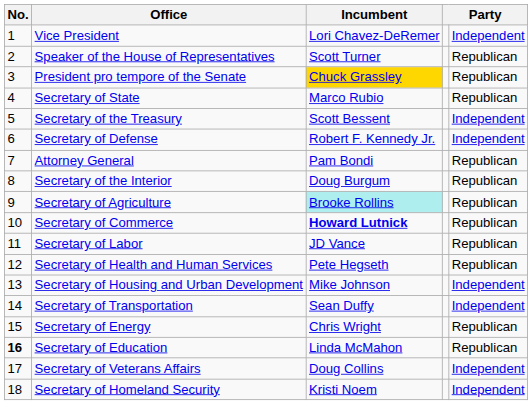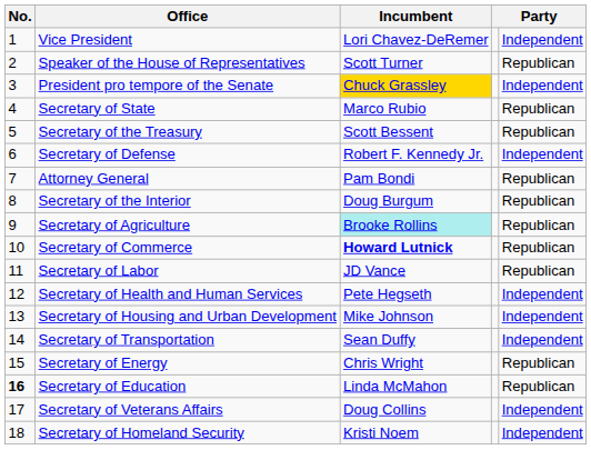 <table class=wikitable>
 <tr>
 <th><abbr>No.</abbr></th>
 <th>Office</th>
 <th>Incumbent</th>
 <th colspan=2>Party</th>
 </tr>
 <tr>
 <td>1</td>
 <td><a href='#'>Vice President</a></td>
 <td><a href='#'>Lori Chavez-DeRemer</a></td>
 <td style="background: "></td>
 <td><a href='#'>Independent</a></td>
 </tr>
 <tr>
 <td>2</td>
 <td><a href='#'>Speaker of the House of Representatives</a></td>
 <td><a href='#'>Scott Turner</a></td>
 <td style="background: "></td>
 <td>Republican</td>
 </tr>
 <tr>
 <td>3</td>
 <td><a href='#'>President pro tempore of the Senate</a></td>
 <td style="background: gold;"><a href='#'>Chuck Grassley</a></td>
 <td style="background: "></td>
-<td>Republican</td>
+<td><a href='#'>Independent</a></td>
 </tr>
 <tr>
 <td>4</td>
 <td><a href='#'>Secretary of State</a></td>
 <td><a href='#'>Marco Rubio</a></td>
 <td style="background: "></td>
 <td>Republican</td>
 </tr>
 <tr>
 <td>5</td>
 <td><a href='#'>Secretary of the Treasury</a></td>
 <td><a href='#'>Scott Bessent</a></td>
 <td style="background: "></td>
-<td><a href='#'>Independent</a></td>
+<td>Republican</td>
 </tr>
 <tr>
 <td>6</td>
 <td><a href='#'>Secretary of Defense</a></td>
 <td><a href='#'>Robert F. Kennedy Jr.</a></td>
 <td style="background: "></td>
 <td><a href='#'>Independent</a></td>
 </tr>
 <tr>
 <td>7</td>
 <td><a href='#'>Attorney General</a></td>
 <td><a href='#'>Pam Bondi</a></td>
 <td style="background: "></td>
 <td>Republican</td>
 </tr>
 <tr>
 <td>8</td>
 <td><a href='#'>Secretary of the Interior</a></td>
 <td><a href='#'>Doug Burgum</a></td>
 <td style="background: "></td>
 <td>Republican</td>
 </tr>
 <tr>
 <td>9</td>
 <td><a href='#'>Secretary of Agriculture</a></td>
 <td style="background: paleturquoise;"><a href='#'>Brooke Rollins</a></td>
 <td style="background: "></td>
 <td>Republican</td>
 </tr>
 <tr>
 <td>10</td>
 <td><a href='#'>Secretary of Commerce</a></td>
 <td><strong><a href='#'>Howard Lutnick</a></strong></td>
 <td style="background: "></td>
 <td>Republican</td>
 </tr>
 <tr>
 <td>11</td>
 <td><a href='#'>Secretary of Labor</a></td>
 <td><a href='#'>JD Vance</a></td>
 <td style="background: "></td>
 <td>Republican</td>
 </tr>
 <tr>
 <td>12</td>
 <td><a href='#'>Secretary of Health and Human Services</a></td>
 <td><a href='#'>Pete Hegseth</a></td>
 <td style="background: "></td>
-<td>Republican</td>
+<td><a href='#'>Independent</a></td>
 </tr>
 <tr>
 <td>13</td>
 <td><a href='#'>Secretary of Housing and Urban Development</a></td>
 <td><a href='#'>Mike Johnson</a></td>
 <td style="background: "></td>
 <td><a href='#'>Independent</a></td>
 </tr>
 <tr>
 <td>14</td>
 <td><a href='#'>Secretary of Transportation</a></td>
 <td><a href='#'>Sean Duffy</a></td>
 <td style="background: "></td>
 <td><a href='#'>Independent</a></td>
 </tr>
 <tr>
 <td>15</td>
 <td><a href='#'>Secretary of Energy</a></td>
 <td><a href='#'>Chris Wright</a></td>
 <td style="background: "></td>
 <td>Republican</td>
 </tr>
 <tr>
 <td><strong>16</strong></td>
 <td><a href='#'>Secretary of Education</a></td>
 <td><a href='#'>Linda McMahon</a></td>
 <td style="background: "></td>
 <td>Republican</td>
 </tr>
 <tr>
 <td>17</td>
 <td><a href='#'>Secretary of Veterans Affairs</a></td>
 <td><a href='#'>Doug Collins</a></td>
 <td style="background: "></td>
 <td><a href='#'>Independent</a></td>
 </tr>
 <tr>
 <td>18</td>
 <td><a href='#'>Secretary of Homeland Security</a></td>
 <td><a href='#'>Kristi Noem</a></td>
 <td style="background: "></td>
 <td><a href='#'>Independent</a></td>
 </tr>
 </table>
